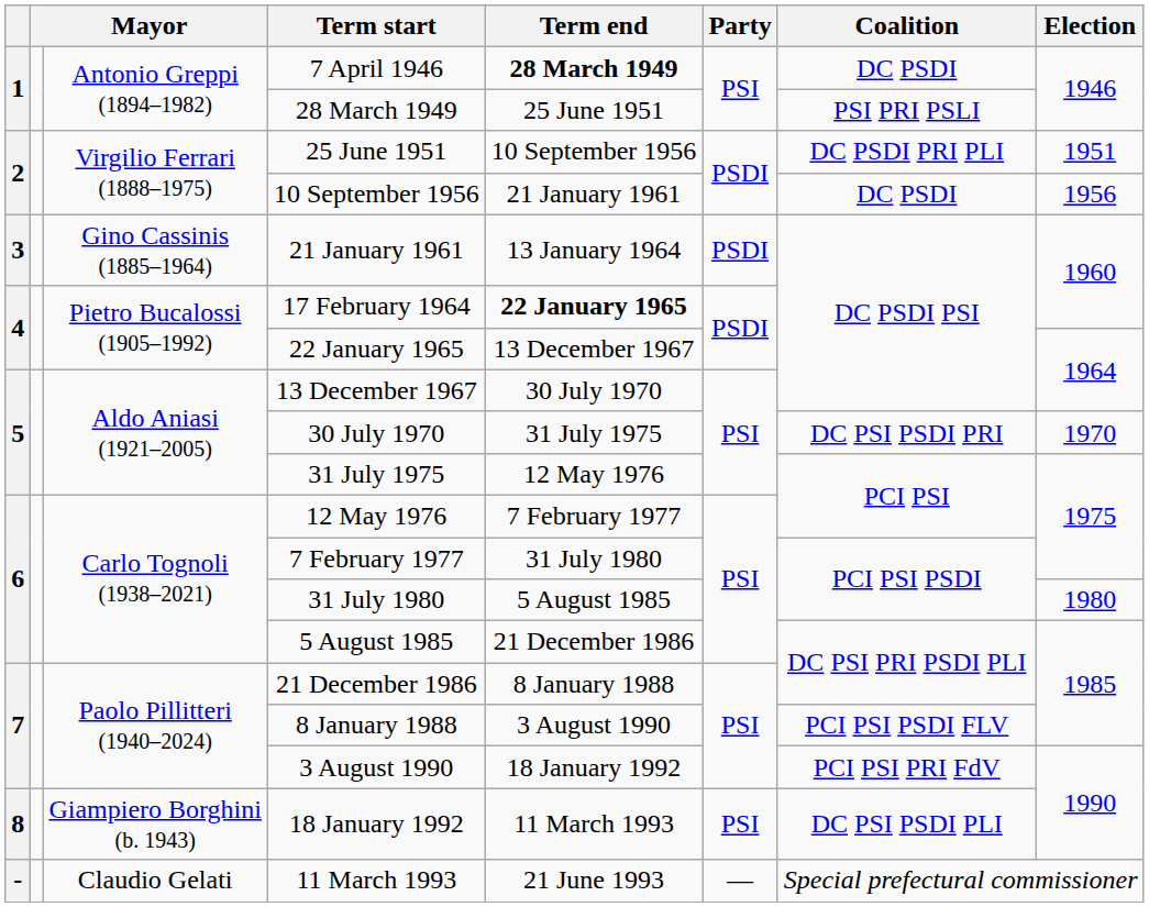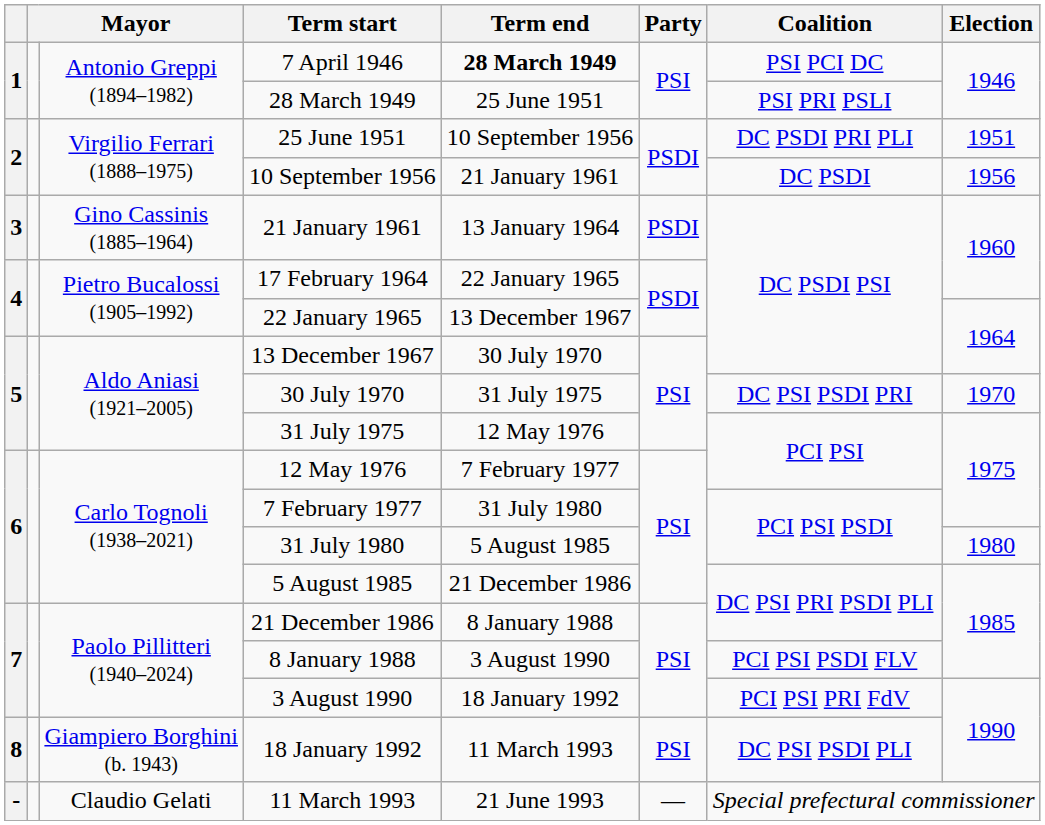 <table class="wikitable" style="text-align: center;">
 <tr>
 <th class=unsortable> </th>
 <th colspan="2">Mayor</th>
 <th>Term start</th>
 <th>Term end</th>
 <th>Party</th>
 <th>Coalition</th>
 <th>Election</th>
 </tr>
 <tr>
 <th rowspan=2 style="background:">1</th>
 <td rowspan=2></td>
 <td rowspan=2><a href='#'>Antonio Greppi</a><br><small>(1894–1982)</small></td>
 <td>7 April 1946</td>
 <td><strong>28 March 1949</strong></td>
 <td rowspan=2><a href='#'>PSI</a></td>
-<td><a href='#'>DC</a>  <a href='#'>PSDI</a></td>
+<td><a href='#'>PSI</a>  <a href='#'>PCI</a>  <a href='#'>DC</a></td>
 <td rowspan=2><a href='#'>1946</a></td>
 </tr>
 <tr>
 <td>28 March 1949</td>
 <td>25 June 1951</td>
 <td><a href='#'>PSI</a>  <a href='#'>PRI</a>  <a href='#'>PSLI</a></td>
 </tr>
 <tr>
 <th rowspan=2 style="background:">2</th>
 <td rowspan=2></td>
 <td rowspan=2><a href='#'>Virgilio Ferrari</a><br><small>(1888–1975)</small></td>
 <td>25 June 1951</td>
 <td>10 September 1956</td>
 <td rowspan=2><a href='#'>PSDI</a></td>
 <td><a href='#'>DC</a>  <a href='#'>PSDI</a>  <a href='#'>PRI</a>  <a href='#'>PLI</a></td>
 <td><a href='#'>1951</a></td>
 </tr>
 <tr>
 <td>10 September 1956</td>
 <td>21 January 1961</td>
 <td><a href='#'>DC</a>  <a href='#'>PSDI</a></td>
 <td><a href='#'>1956</a></td>
 </tr>
 <tr>
 <th style="background:">3</th>
 <td></td>
 <td><a href='#'>Gino Cassinis</a><br><small>(1885–1964)</small></td>
 <td>21 January 1961</td>
 <td>13 January 1964</td>
 <td><a href='#'>PSDI</a></td>
 <td rowspan=4><a href='#'>DC</a>  <a href='#'>PSDI</a>  <a href='#'>PSI</a></td>
 <td rowspan=2><a href='#'>1960</a></td>
 </tr>
 <tr>
 <th rowspan=2 style="background:">4</th>
 <td rowspan=2></td>
 <td rowspan=2><a href='#'>Pietro Bucalossi</a><br><small>(1905–1992)</small></td>
 <td>17 February 1964</td>
-<td><strong>22 January 1965</strong></td>
+<td>22 January 1965</td>
 <td rowspan=2><a href='#'>PSDI</a></td>
 </tr>
 <tr>
 <td>22 January 1965</td>
 <td>13 December 1967</td>
 <td rowspan=2><a href='#'>1964</a></td>
 </tr>
 <tr>
 <th rowspan=3 style="background:">5</th>
 <td rowspan=3></td>
 <td rowspan=3><a href='#'>Aldo Aniasi</a><br><small>(1921–2005)</small></td>
 <td>13 December 1967</td>
 <td>30 July 1970</td>
 <td rowspan=3><a href='#'>PSI</a></td>
 </tr>
 <tr>
 <td>30 July 1970</td>
 <td>31 July 1975</td>
 <td><a href='#'>DC</a>  <a href='#'>PSI</a>  <a href='#'>PSDI</a>  <a href='#'>PRI</a></td>
 <td><a href='#'>1970</a></td>
 </tr>
 <tr>
 <td>31 July 1975</td>
 <td>12 May 1976</td>
 <td rowspan=2><a href='#'>PCI</a>  <a href='#'>PSI</a></td>
 <td rowspan=3><a href='#'>1975</a></td>
 </tr>
 <tr>
 <th rowspan=4 style="background:">6</th>
 <td rowspan=4></td>
 <td rowspan=4><a href='#'>Carlo Tognoli</a><br><small>(1938–2021)</small></td>
 <td>12 May 1976</td>
 <td>7 February 1977</td>
 <td rowspan=4><a href='#'>PSI</a></td>
 </tr>
 <tr>
 <td>7 February 1977</td>
 <td>31 July 1980</td>
 <td rowspan=2><a href='#'>PCI</a>  <a href='#'>PSI</a>  <a href='#'>PSDI</a></td>
 </tr>
 <tr>
 <td>31 July 1980</td>
 <td>5 August 1985</td>
 <td><a href='#'>1980</a></td>
 </tr>
 <tr>
 <td>5 August 1985</td>
 <td>21 December 1986</td>
 <td rowspan=2><a href='#'>DC</a>  <a href='#'>PSI</a>  <a href='#'>PRI</a>  <a href='#'>PSDI</a>  <a href='#'>PLI</a></td>
 <td rowspan=3><a href='#'>1985</a></td>
 </tr>
 <tr>
 <th rowspan=3 style="background:">7</th>
 <td rowspan=3></td>
 <td rowspan=3><a href='#'>Paolo Pillitteri</a><br><small>(1940–2024)</small></td>
 <td>21 December 1986</td>
 <td>8 January 1988</td>
 <td rowspan=3><a href='#'>PSI</a></td>
 </tr>
 <tr>
 <td>8 January 1988</td>
 <td>3 August 1990</td>
 <td><a href='#'>PCI</a>  <a href='#'>PSI</a>  <a href='#'>PSDI</a>  <a href='#'>FLV</a></td>
 </tr>
 <tr>
 <td>3 August 1990</td>
 <td>18 January 1992</td>
 <td><a href='#'>PCI</a>  <a href='#'>PSI</a>  <a href='#'>PRI</a>  <a href='#'>FdV</a></td>
 <td rowspan=2><a href='#'>1990</a></td>
 </tr>
 <tr>
 <th style="background:">8</th>
 <td></td>
 <td><a href='#'>Giampiero Borghini</a><br><small>(b. 1943)</small></td>
 <td>18 January 1992</td>
 <td>11 March 1993</td>
 <td><a href='#'>PSI</a></td>
 <td><a href='#'>DC</a>  <a href='#'>PSI</a>   <a href='#'>PSDI</a>  <a href='#'>PLI</a></td>
 </tr>
 <tr>
 <th style="background:; color:black">-</th>
 <td></td>
 <td>Claudio Gelati</td>
 <td>11 March 1993</td>
 <td>21 June 1993</td>
 <td>—</td>
 <td colspan=2><em>Special prefectural commissioner</em></td>
 </tr>
 </table>
